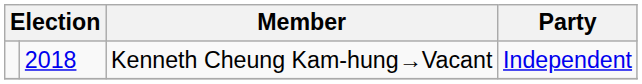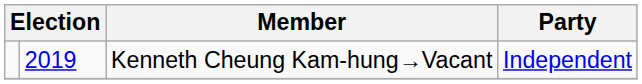 <table class="wikitable">
 <tr>
 <th colspan="2">Election</th>
 <th>Member</th>
 <th>Party</th>
 </tr>
 <tr>
 <td style="color:inherit;background:"></td>
-<td><a href='#'>2018</a></td>
+<td><a href='#'>2019</a></td>
 <td>Kenneth Cheung Kam-hung→Vacant</td>
 <td><a href='#'>Independent</a></td>
 </tr>
 <tr>
 </tr>
 </table>
